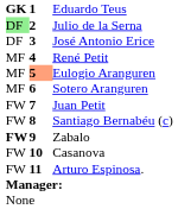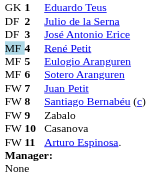 <table style="font-size: 90%" cellspacing="0" cellpadding="0" align=center>
 <tr>
 <td colspan="4"></td>
 </tr>
 <tr>
 <th width=25></th>
 <th width=25></th>
 </tr>
 <tr>
-<td><strong>GK</strong></td>
+<td>GK</td>
 <td><strong>1</strong></td>
 <td> <a href='#'>Eduardo Teus</a></td>
 </tr>
 <tr>
-<td style="background: lightgreen;">DF</td>
+<td>DF</td>
 <td><strong>2</strong></td>
 <td> <a href='#'>Julio de la Serna</a></td>
 </tr>
 <tr>
 <td>DF</td>
 <td><strong>3</strong></td>
 <td> <a href='#'>José Antonio Erice</a></td>
 </tr>
 <tr>
-<td>MF</td>
+<td style="background: lightblue;">MF</td>
 <td><strong>4</strong></td>
 <td> <a href='#'>René Petit</a></td>
 </tr>
 <tr>
 <td>MF</td>
-<td style="background: lightsalmon;"><strong>5</strong></td>
+<td><strong>5</strong></td>
 <td> <a href='#'>Eulogio Aranguren</a></td>
 </tr>
 <tr>
 <td>MF</td>
 <td><strong>6</strong></td>
 <td> <a href='#'>Sotero Aranguren</a></td>
 </tr>
 <tr>
 <td>FW</td>
 <td><strong>7</strong></td>
 <td> <a href='#'>Juan Petit</a></td>
 </tr>
 <tr>
 <td>FW</td>
 <td><strong>8</strong></td>
 <td> <a href='#'>Santiago Bernabéu</a> (<a href='#'>c</a>)</td>
 </tr>
 <tr>
-<td><strong>FW</strong></td>
+<td>FW</td>
 <td><strong>9</strong></td>
 <td> Zabalo</td>
 </tr>
 <tr>
 <td>FW</td>
 <td><strong>10</strong></td>
 <td> Casanova</td>
 </tr>
 <tr>
 <td>FW</td>
 <td><strong>11</strong></td>
 <td> <a href='#'>Arturo Espinosa</a>.</td>
 </tr>
 <tr>
 <td colspan=3><strong>Manager:</strong></td>
 </tr>
 <tr>
 <td colspan=4>None</td>
 </tr>
 </table>
